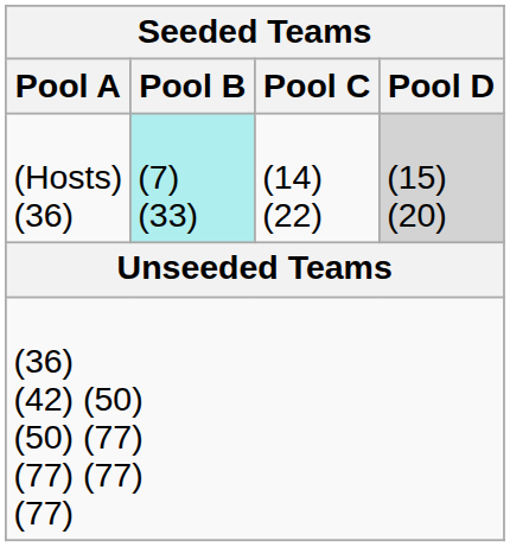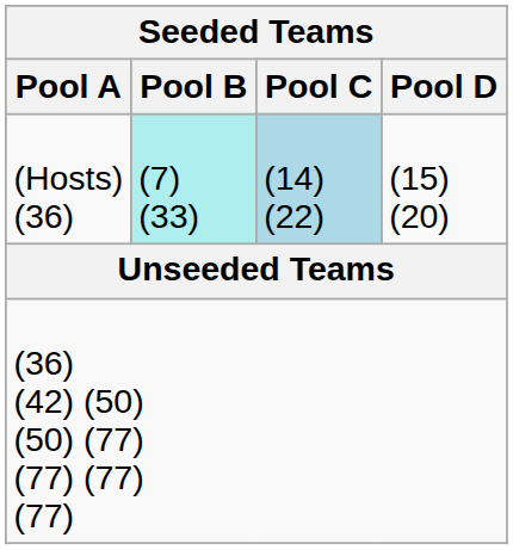 <table class="wikitable">
 <tr>
 <th colspan=4>Seeded Teams</th>
 </tr>
 <tr>
 <th width=25%>Pool A</th>
 <th width=25%>Pool B</th>
 <th width=25%>Pool C</th>
 <th width=25%>Pool D</th>
 </tr>
 <tr>
 <td><br> (Hosts)<br>  (36)</td>
 <td style="background: paleturquoise;"><br> (7)<br>  (33)</td>
-<td><br> (14)<br>  (22)</td>
-<td style="background: lightgrey;"><br> (15)<br>  (20)</td>
+<td style="background: lightblue;"><br> (14)<br>  (22)</td>
+<td><br> (15)<br>  (20)</td>
 </tr>
 <tr>
 <th colspan=4>Unseeded Teams</th>
 </tr>
 <tr>
 <td colspan=4><br>   (36)<br>  (42)   (50)<br>  (50)   (77)<br>  (77)   (77)<br>  (77) </td>
 </tr>
 </table>
